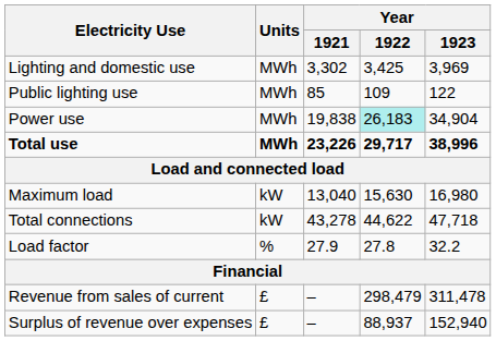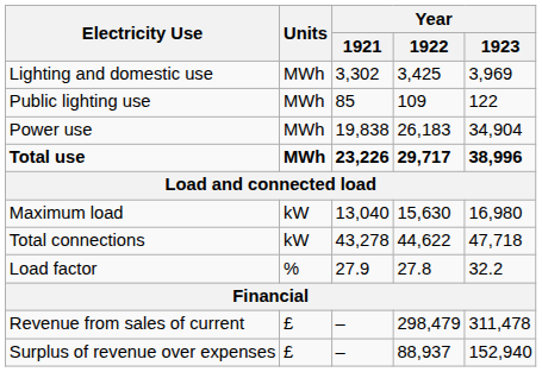 <table class="wikitable">
 <tr>
 <th rowspan="2">Electricity Use</th>
 <th rowspan="2">Units</th>
 <th colspan="3">Year</th>
 </tr>
 <tr>
 <th>1921</th>
 <th>1922</th>
 <th>1923</th>
 </tr>
 <tr>
 <td>Lighting and domestic use</td>
 <td>MWh</td>
 <td>3,302</td>
 <td>3,425</td>
 <td>3,969</td>
 </tr>
 <tr>
 <td>Public lighting use</td>
 <td>MWh</td>
 <td>85</td>
 <td>109</td>
 <td>122</td>
 </tr>
 <tr>
 <td>Power use</td>
 <td>MWh</td>
 <td>19,838</td>
-<td style="background: paleturquoise;">26,183</td>
+<td>26,183</td>
 <td>34,904</td>
 </tr>
 <tr>
 <td><strong>Total use</strong></td>
 <td><strong>MWh</strong></td>
 <td><strong>23,226</strong></td>
 <td><strong>29,717</strong></td>
 <td><strong>38,996</strong></td>
 </tr>
 <tr>
 <th colspan="5">Load and connected load</th>
 </tr>
 <tr>
 <td>Maximum load</td>
 <td>kW</td>
 <td>13,040</td>
 <td>15,630</td>
 <td>16,980</td>
 </tr>
 <tr>
 <td>Total connections</td>
 <td>kW</td>
 <td>43,278</td>
 <td>44,622</td>
 <td>47,718</td>
 </tr>
 <tr>
 <td>Load factor</td>
 <td>%</td>
 <td>27.9</td>
 <td>27.8</td>
 <td>32.2</td>
 </tr>
 <tr>
 <th colspan="5">Financial</th>
 </tr>
 <tr>
 <td>Revenue from sales of current</td>
 <td>£</td>
 <td>–</td>
 <td>298,479</td>
 <td>311,478</td>
 </tr>
 <tr>
 <td>Surplus of revenue over expenses</td>
 <td>£</td>
 <td>–</td>
 <td>88,937</td>
 <td>152,940</td>
 </tr>
 </table>
